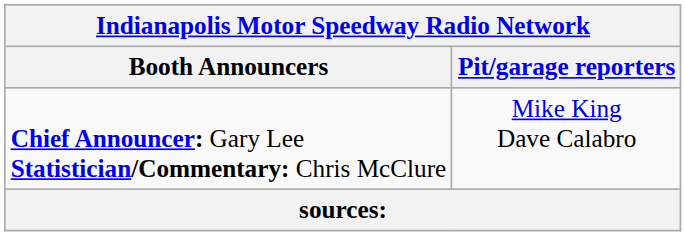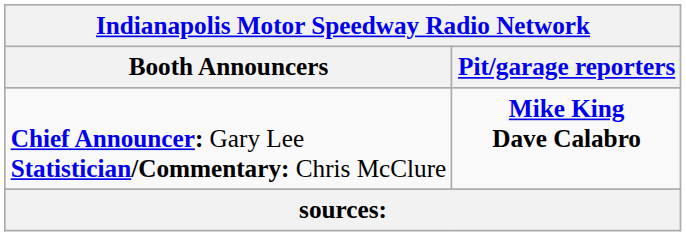 <table class="wikitable" style="font-size: 95%">
 <tr>
 <th colspan=3><a href='#'>Indianapolis Motor Speedway Radio Network</a></th>
 </tr>
 <tr>
 <th>Booth Announcers</th>
 <th><a href='#'>Pit/garage reporters</a></th>
 </tr>
 <tr>
 <td valign="top"><br><strong><a href='#'>Chief Announcer</a>: </strong>Gary Lee<br> <strong><a href='#'>Statistician</a>/Commentary: </strong>Chris McClure</td>
-<td align="center" valign="top"><a href='#'>Mike King</a><br>Dave Calabro</td>
+<td align="center" valign="top"><strong><a href='#'>Mike King</a><br>Dave Calabro</strong></td>
 </tr>
 <tr>
 <th colspan=2>sources:</th>
 </tr>
 </table>
